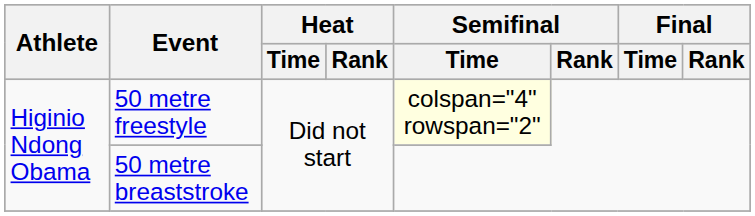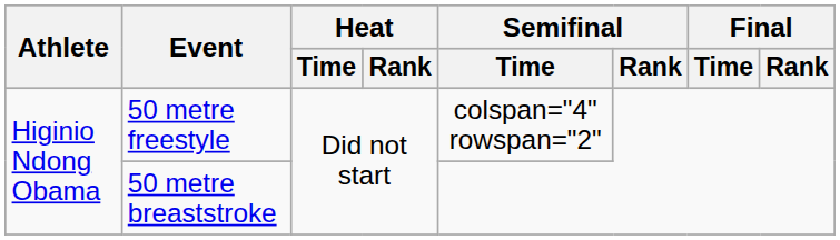 <table class="wikitable" style="text-align:center; font-size:90%; width:50%;">
 <tr>
 <th rowspan="2">Athlete</th>
 <th rowspan="2">Event</th>
 <th colspan="2">Heat</th>
 <th colspan="2">Semifinal</th>
 <th colspan="2">Final</th>
 </tr>
 <tr style="font-size:95%">
 <th>Time</th>
 <th>Rank</th>
 <th>Time</th>
 <th>Rank</th>
 <th>Time</th>
 <th>Rank</th>
 </tr>
 <tr align=center>
 <td align=left rowspan="2"><a href='#'>Higinio Ndong Obama</a></td>
 <td align=left><a href='#'>50 metre freestyle</a></td>
 <td colspan="2" rowspan="2">Did not start</td>
-<td style="background: lightyellow;">colspan="4" rowspan="2" </td>
+<td>colspan="4" rowspan="2" </td>
 </tr>
 <tr align=center>
 <td align=left><a href='#'>50 metre breaststroke</a></td>
 </tr>
 </table>
